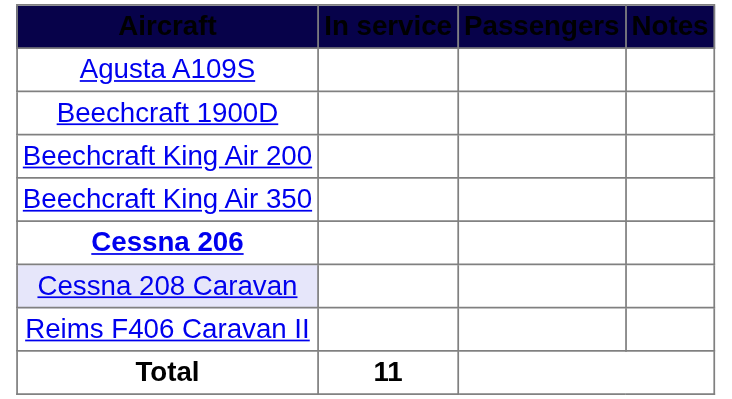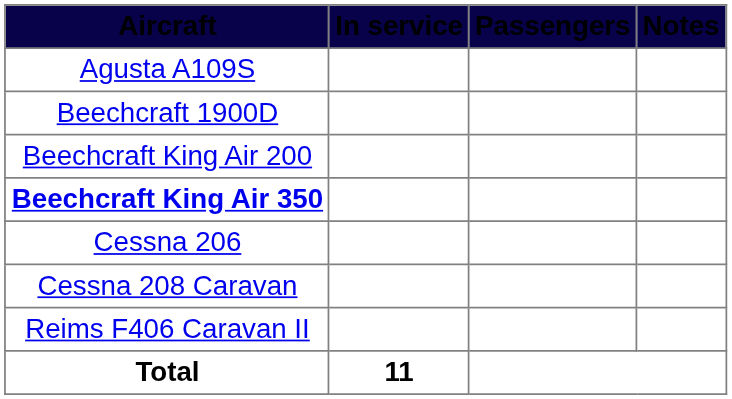 <table class="toccolours" border="1" cellpadding="3" style="margin:1em auto; border-collapse:collapse; text-align:center">
 <tr bgcolor=#07024A>
 <th><span>Aircraft</span></th>
 <th><span>In service</span></th>
 <th><span>Passengers</span></th>
 <th><span>Notes</span></th>
 </tr>
 <tr>
 <td><a href='#'>Agusta A109S</a></td>
 <td></td>
 <td></td>
 <td></td>
 </tr>
 <tr>
 <td><a href='#'>Beechcraft 1900D</a></td>
 <td></td>
 <td></td>
 <td></td>
 </tr>
 <tr>
 <td><a href='#'>Beechcraft King Air 200</a></td>
 <td></td>
 <td></td>
 <td></td>
 </tr>
 <tr>
-<td><a href='#'>Beechcraft King Air 350</a></td>
+<td><strong><a href='#'>Beechcraft King Air 350</a></strong></td>
 <td></td>
 <td></td>
 <td></td>
 </tr>
 <tr>
-<td><strong><a href='#'>Cessna 206</a></strong></td>
+<td><a href='#'>Cessna 206</a></td>
 <td></td>
 <td></td>
 <td></td>
 </tr>
 <tr>
-<td style="background: lavender;"><a href='#'>Cessna 208 Caravan</a></td>
+<td><a href='#'>Cessna 208 Caravan</a></td>
 <td></td>
 <td></td>
 <td></td>
 </tr>
 <tr>
 <td><a href='#'>Reims F406 Caravan II</a></td>
 <td></td>
 <td></td>
 <td></td>
 </tr>
 <tr>
 <th>Total</th>
 <th>11</th>
 <th colspan="2"></th>
 </tr>
 </table>
